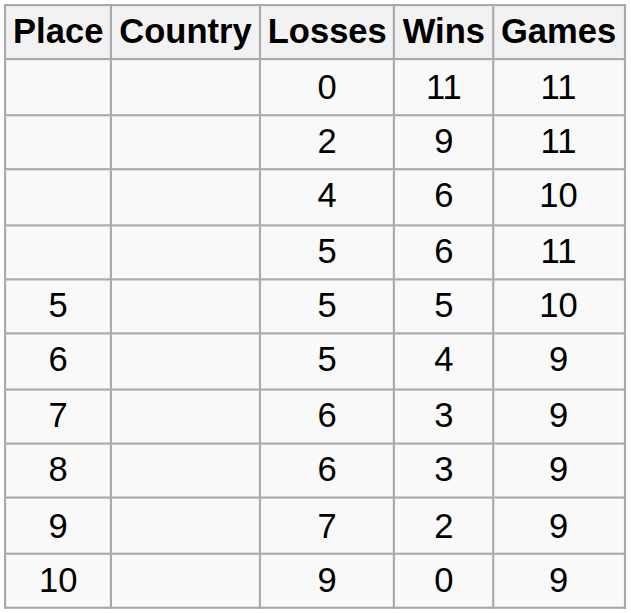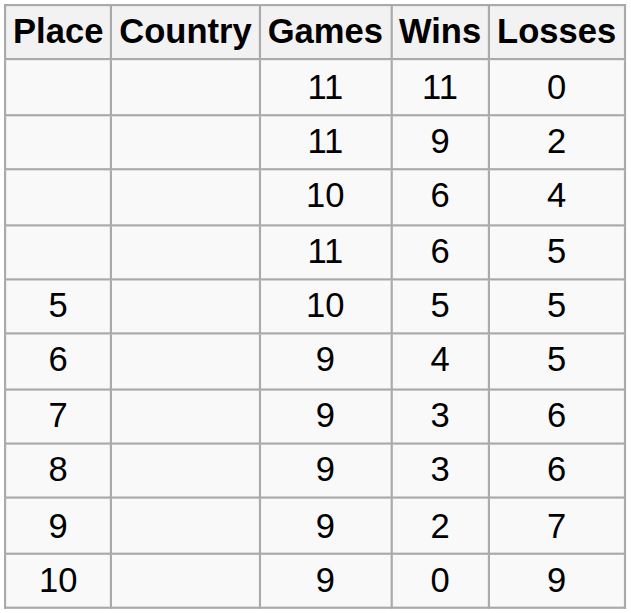 <table class="wikitable" style="text-align:center;">
 <tr>
 <th>Place</th>
 <th>Country</th>
+<th>Games</th>
+<th>Wins</th>
 <th>Losses</th>
-<th>Wins</th>
-<th>Games</th>
 </tr>
 <tr>
 <td></td>
 <td align=left></td>
-<td>0</td>
 <td>11</td>
 <td>11</td>
+<td>0</td>
 </tr>
 <tr>
 <td></td>
 <td align=left></td>
+<td>11</td>
+<td>9</td>
 <td>2</td>
-<td>9</td>
-<td>11</td>
 </tr>
 <tr>
 <td></td>
 <td align=left></td>
+<td>10</td>
+<td>6</td>
 <td>4</td>
-<td>6</td>
-<td>10</td>
 </tr>
 <tr>
 <td></td>
 <td align=left></td>
+<td>11</td>
+<td>6</td>
 <td>5</td>
-<td>6</td>
-<td>11</td>
 </tr>
 <tr>
 <td>5</td>
 <td align=left></td>
+<td>10</td>
 <td>5</td>
 <td>5</td>
-<td>10</td>
 </tr>
 <tr>
 <td>6</td>
 <td align=left></td>
+<td>9</td>
+<td>4</td>
 <td>5</td>
-<td>4</td>
-<td>9</td>
 </tr>
 <tr>
 <td>7</td>
 <td align=left></td>
+<td>9</td>
+<td>3</td>
 <td>6</td>
-<td>3</td>
-<td>9</td>
 </tr>
 <tr>
 <td>8</td>
 <td align=left></td>
+<td>9</td>
+<td>3</td>
 <td>6</td>
-<td>3</td>
-<td>9</td>
 </tr>
 <tr>
 <td>9</td>
 <td align=left></td>
+<td>9</td>
+<td>2</td>
 <td>7</td>
-<td>2</td>
-<td>9</td>
 </tr>
 <tr>
 <td>10</td>
 <td align=left></td>
 <td>9</td>
 <td>0</td>
 <td>9</td>
 </tr>
 </table>
